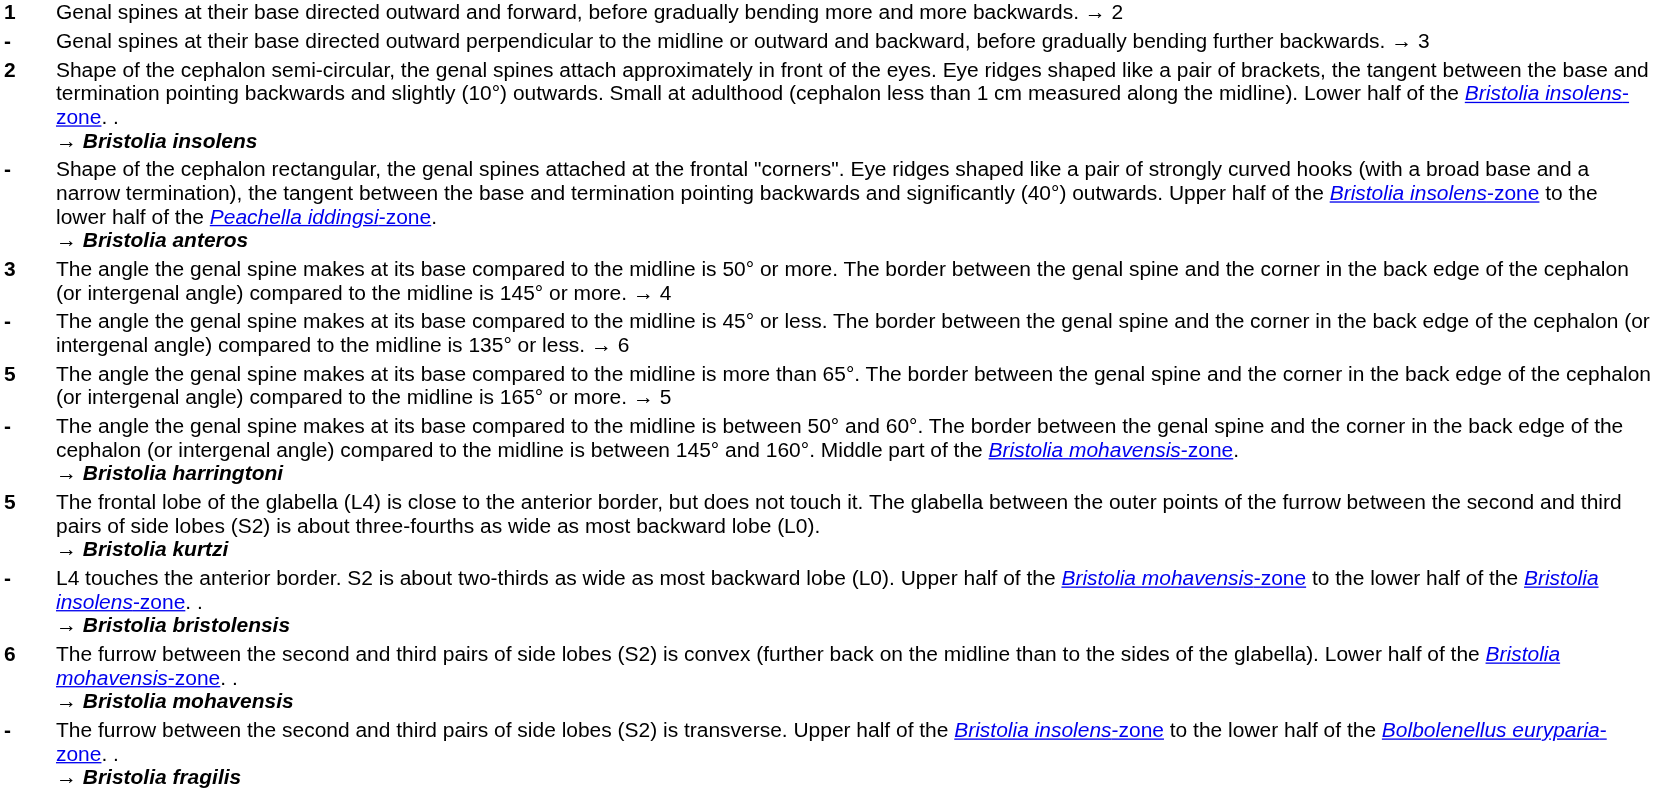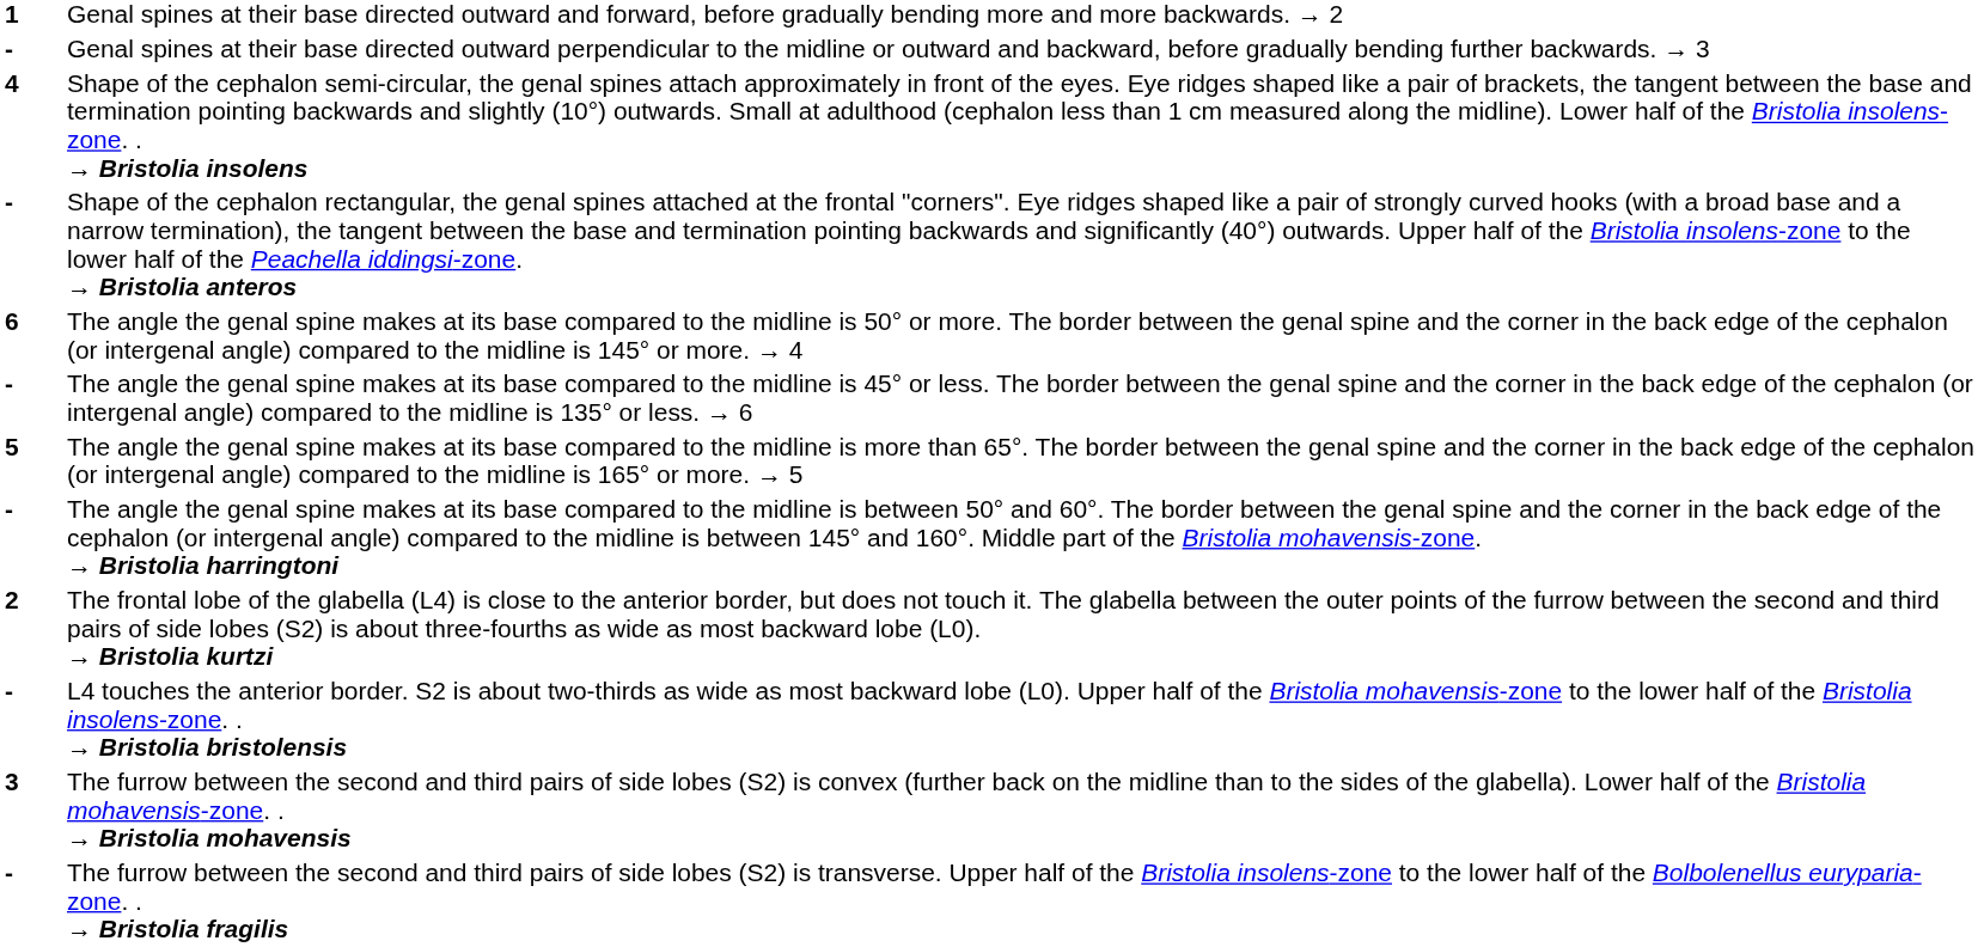 <table>
 <tr valign="top"  align="left">
 <th scope="row" width="3%"><strong>1</strong></th>
 <td width="97%">Genal spines at their base directed outward and forward, before gradually bending more and more backwards. → 2</td>
 </tr>
 <tr valign="top" align="left">
 <th scope="row" width="3%"><strong>-</strong></th>
 <td width="97%">Genal spines at their base directed outward perpendicular to the midline or outward and backward, before gradually bending further backwards. → 3</td>
 </tr>
 <tr valign="top"  align="left">
-<th scope="row" width="3%"><strong>2</strong></th>
+<th scope="row" width="3%"><strong>4</strong></th>
 <td width="97%">Shape of the cephalon semi-circular, the genal spines attach approximately in front of the eyes. Eye ridges shaped like a pair of brackets, the tangent between the base and termination pointing backwards and slightly (10°) outwards. Small at adulthood (cephalon less than 1 cm measured along the midline). Lower half of the <a href='#'><em>Bristolia insolens</em>-zone</a>. . <br> → <strong><em>Bristolia insolens</em></strong></td>
 </tr>
 <tr valign="top" align="left">
 <th scope="row" width="3%"><strong>-</strong></th>
 <td width="97%">Shape of the cephalon rectangular, the genal spines attached at the frontal "corners". Eye ridges shaped like a pair of strongly curved hooks (with a broad base and a narrow termination), the tangent between the base and termination pointing backwards and significantly (40°) outwards. Upper half of the <a href='#'><em>Bristolia insolens</em>-zone</a> to the lower half of the <a href='#'><em>Peachella iddingsi</em>-zone</a>. <br> → <strong><em>Bristolia anteros</em></strong></td>
 </tr>
 <tr valign="top"  align="left">
-<th scope="row" width="3%"><strong>3</strong></th>
+<th scope="row" width="3%"><strong>6</strong></th>
 <td width="97%">The angle the genal spine makes at its base compared to the midline is 50° or more. The border between the genal spine and the corner in the back edge of the cephalon (or intergenal angle) compared to the midline is 145° or more. → 4</td>
 </tr>
 <tr valign="top" align="left">
 <th scope="row" width="3%"><strong>-</strong></th>
 <td width="97%">The angle the genal spine makes at its base compared to the midline is 45° or less. The border between the genal spine and the corner in the back edge of the cephalon (or intergenal angle) compared to the midline is 135° or less. → 6</td>
 </tr>
 <tr valign="top"  align="left">
 <th scope="row" width="3%"><strong>5</strong></th>
 <td width="97%">The angle the genal spine makes at its base compared to the midline is more than 65°. The border between the genal spine and the corner in the back edge of the cephalon (or intergenal angle) compared to the midline is 165° or more. → 5</td>
 </tr>
 <tr valign="top" align="left">
 <th scope="row" width="3%"><strong>-</strong></th>
 <td width="97%">The angle the genal spine makes at its base compared to the midline is between 50° and 60°. The border between the genal spine and the corner in the back edge of the cephalon (or intergenal angle) compared to the midline is between 145° and 160°. Middle part of the <a href='#'><em>Bristolia mohavensis</em>-zone</a>.<br>→ <strong><em>Bristolia harringtoni</em></strong></td>
 </tr>
 <tr valign="top"  align="left">
-<th scope="row" width="3%"><strong>5</strong></th>
+<th scope="row" width="3%"><strong>2</strong></th>
 <td width="97%">The frontal lobe of the glabella (L4) is close to the anterior border, but does not touch it. The glabella between the outer points of the furrow between the second and third pairs of side lobes (S2) is about three-fourths as wide as most backward lobe (L0).<br>→ <strong><em>Bristolia kurtzi</em></strong></td>
 </tr>
 <tr valign="top" align="left">
 <th scope="row" width="3%"><strong>-</strong></th>
 <td width="97%">L4 touches the anterior border. S2 is about two-thirds as wide as most backward lobe (L0). Upper half of the <a href='#'><em>Bristolia mohavensis</em>-zone</a> to the lower half of the <a href='#'><em>Bristolia insolens</em>-zone</a>. .<br>→ <strong><em>Bristolia bristolensis</em></strong></td>
 </tr>
 <tr valign="top"  align="left">
-<th scope="row" width="3%"><strong>6</strong></th>
+<th scope="row" width="3%"><strong>3</strong></th>
 <td width="97%">The furrow between the second and third pairs of side lobes (S2) is convex (further back on the midline than to the sides of the glabella). Lower half of the <a href='#'><em>Bristolia mohavensis</em>-zone</a>.  . <br>→ <strong><em>Bristolia mohavensis</em></strong></td>
 </tr>
 <tr valign="top" align="left">
 <th scope="row" width="3%"><strong>-</strong></th>
 <td width="97%">The furrow between the second and third pairs of side lobes (S2) is transverse. Upper half of the <a href='#'><em>Bristolia insolens</em>-zone</a> to the lower half of the <a href='#'><em>Bolbolenellus euryparia</em>-zone</a>.  .<br>→ <strong><em>Bristolia fragilis</em></strong></td>
 </tr>
 </table>
